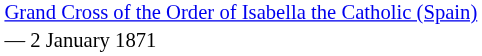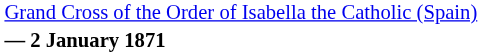 <table>
 <tr>
 <td rowspan=2 style="width:60px; vertical-align:top;"></td>
 <td><a href='#'>Grand Cross of the Order of Isabella the Catholic (Spain)</a></td>
 </tr>
 <tr>
-<td>— 2 January 1871</td>
+<td><strong>— 2 January 1871</strong></td>
 </tr>
 </table>
